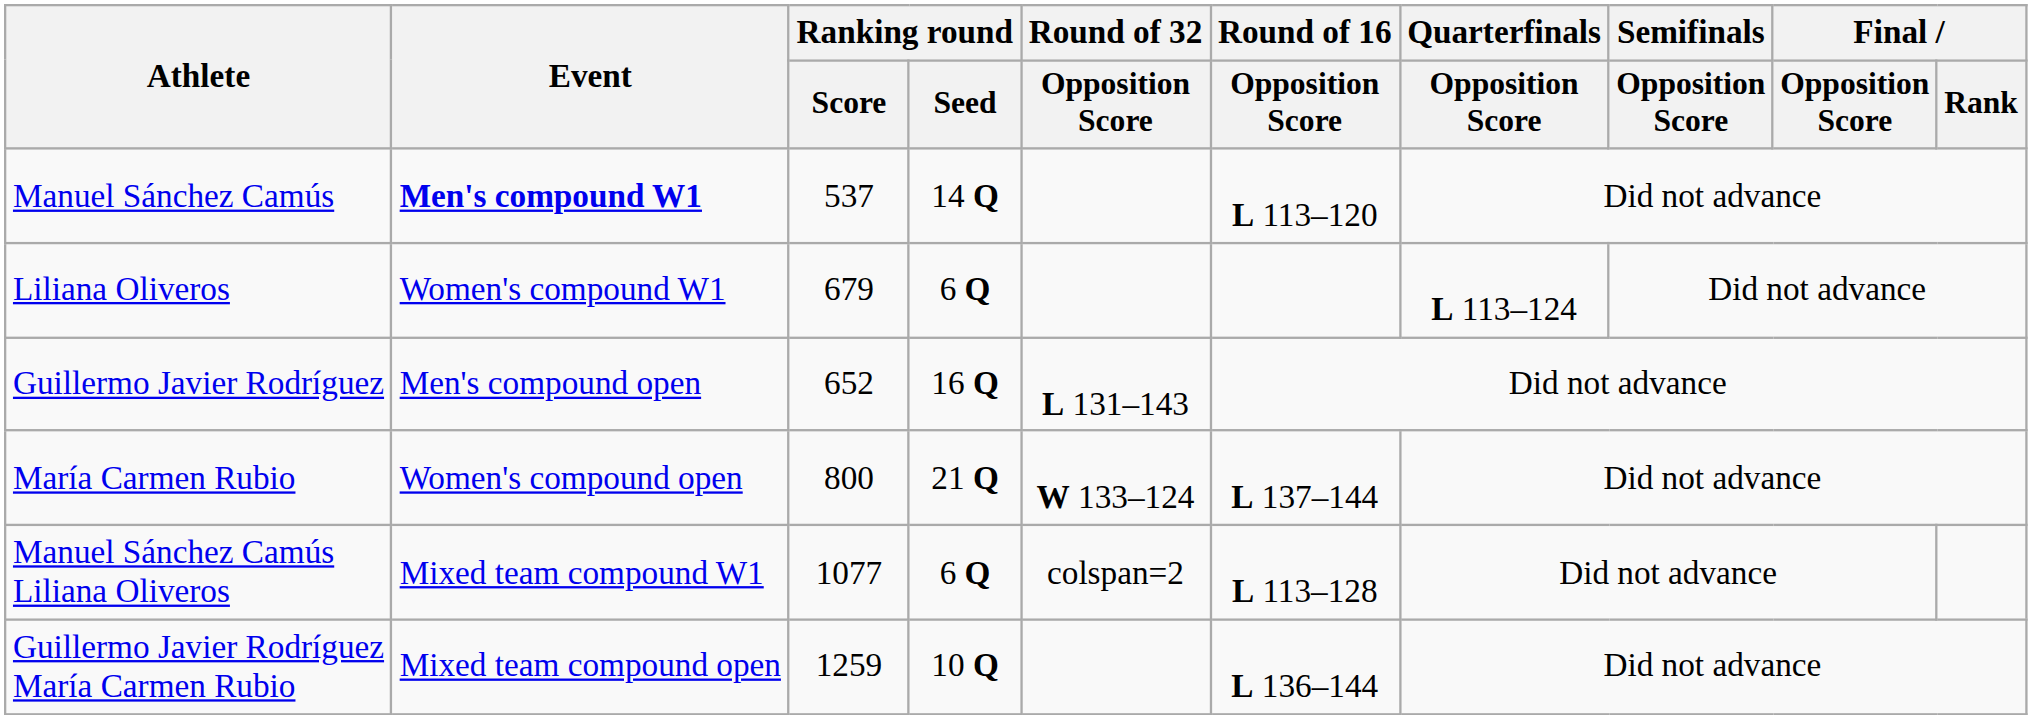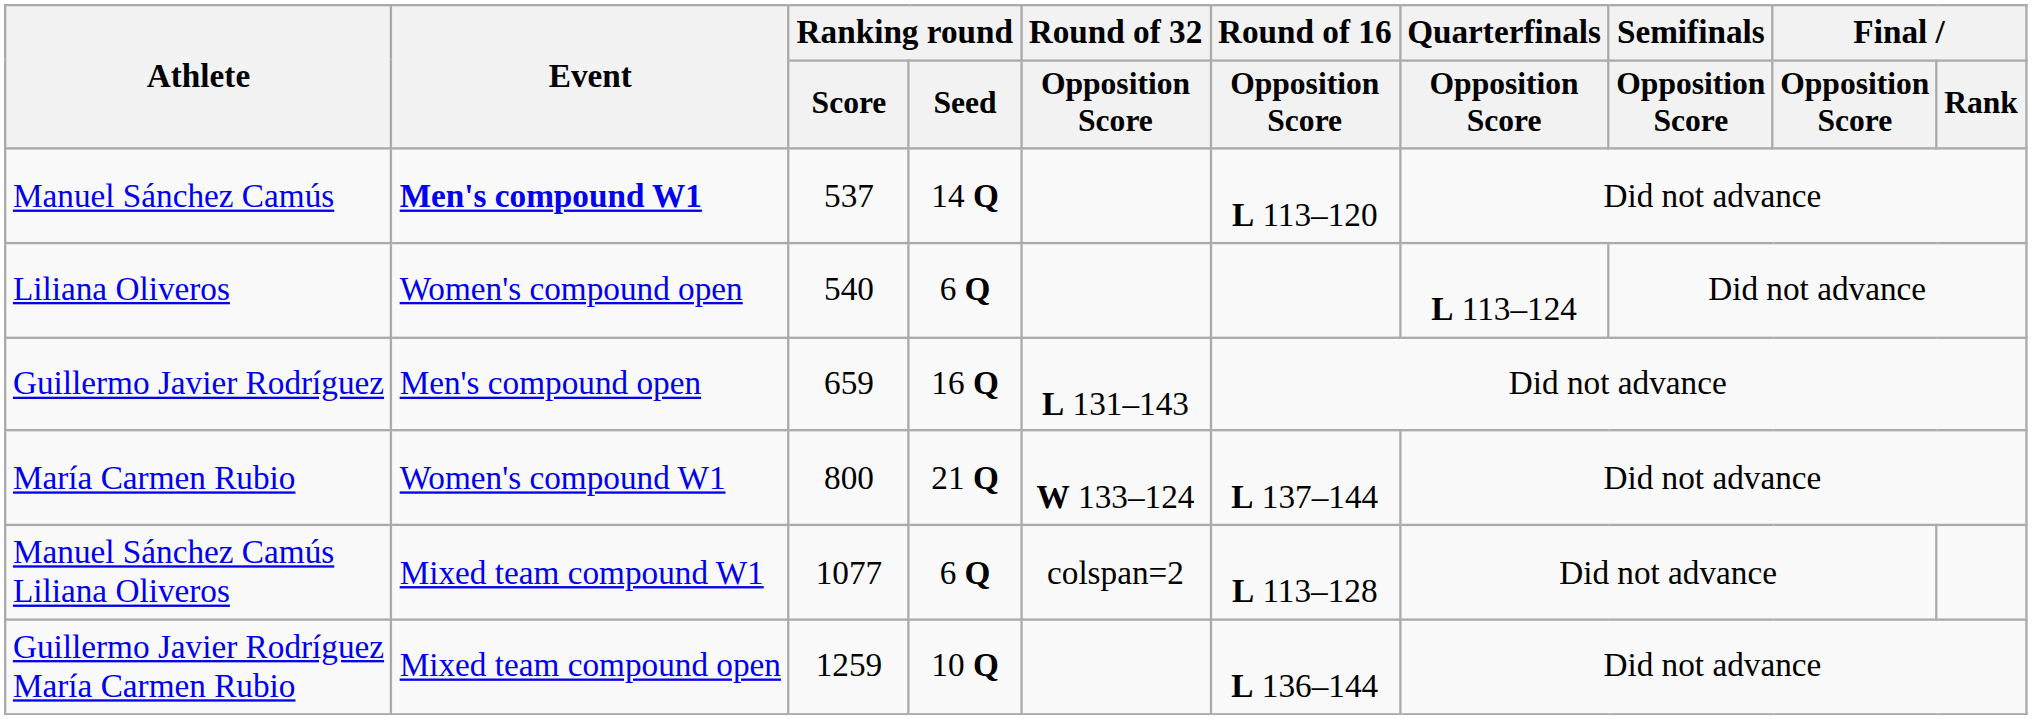 <table class="wikitable" style="font-size:90%">
 <tr>
 <th rowspan=2>Athlete</th>
 <th rowspan=2>Event</th>
 <th colspan="2">Ranking round</th>
 <th>Round of 32</th>
 <th>Round of 16</th>
 <th>Quarterfinals</th>
 <th>Semifinals</th>
 <th colspan="2">Final / </th>
 </tr>
 <tr style="font-size:95%">
 <th>Score</th>
 <th>Seed</th>
 <th>Opposition<br>Score</th>
 <th>Opposition<br>Score</th>
 <th>Opposition<br>Score</th>
 <th>Opposition<br>Score</th>
 <th>Opposition<br>Score</th>
 <th>Rank</th>
 </tr>
 <tr align=center>
 <td align=left><a href='#'>Manuel Sánchez Camús</a></td>
 <td align=left><strong><a href='#'>Men's compound W1</a></strong></td>
 <td>537</td>
 <td>14 <strong>Q</strong></td>
 <td></td>
 <td><br> <strong>L</strong> 113–120</td>
 <td colspan=4>Did not advance</td>
 </tr>
 <tr align=center>
 <td align=left><a href='#'>Liliana Oliveros</a></td>
-<td align=left><a href='#'>Women's compound W1</a></td>
-<td>679</td>
+<td align=left><a href='#'>Women's compound open</a></td>
+<td>540</td>
 <td>6 <strong>Q</strong></td>
 <td></td>
 <td></td>
 <td><br> <strong>L</strong> 113–124</td>
 <td colspan=3>Did not advance</td>
 </tr>
 <tr align=center>
 <td align=left><a href='#'>Guillermo Javier Rodríguez</a></td>
 <td align=left><a href='#'>Men's compound open</a></td>
-<td>652</td>
+<td>659</td>
 <td>16 <strong>Q</strong></td>
 <td><br> <strong>L</strong> 131–143</td>
 <td colspan=5>Did not advance</td>
 </tr>
 <tr align=center>
 <td align=left><a href='#'>María Carmen Rubio</a></td>
-<td align=left><a href='#'>Women's compound open</a></td>
+<td align=left><a href='#'>Women's compound W1</a></td>
 <td>800</td>
 <td>21 <strong>Q</strong></td>
 <td><br> <strong>W</strong> 133–124</td>
 <td><br><strong>L</strong> 137–144</td>
 <td colspan=4>Did not advance</td>
 </tr>
 <tr align=center>
 <td align=left><a href='#'>Manuel Sánchez Camús</a><br><a href='#'>Liliana Oliveros</a></td>
 <td align=left><a href='#'>Mixed team compound W1</a></td>
 <td>1077</td>
 <td>6 <strong>Q</strong></td>
 <td>colspan=2 </td>
 <td><br> <strong>L</strong> 113–128</td>
 <td colspan=3>Did not advance</td>
 </tr>
 <tr align=center>
 <td align=left><a href='#'>Guillermo Javier Rodríguez</a><br><a href='#'>María Carmen Rubio</a></td>
 <td align=left><a href='#'>Mixed team compound open</a></td>
 <td>1259</td>
 <td>10 <strong>Q</strong></td>
 <td></td>
 <td><br> <strong>L</strong> 136–144</td>
 <td colspan=4>Did not advance</td>
 </tr>
 </table>
